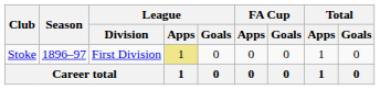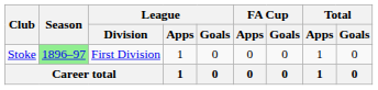 <table class="wikitable" style="text-align: center;">
 <tr>
 <th rowspan="2">Club</th>
 <th rowspan="2">Season</th>
 <th colspan="3">League</th>
 <th colspan="2">FA Cup</th>
 <th colspan="2">Total</th>
 </tr>
 <tr>
 <th>Division</th>
 <th>Apps</th>
 <th>Goals</th>
 <th>Apps</th>
 <th>Goals</th>
 <th>Apps</th>
 <th>Goals</th>
 </tr>
 <tr>
 <td><a href='#'>Stoke</a></td>
-<td><a href='#'>1896–97</a></td>
+<td style="background: lightgreen;"><a href='#'>1896–97</a></td>
 <td><a href='#'>First Division</a></td>
-<td style="background: khaki;">1</td>
+<td>1</td>
 <td>0</td>
 <td>0</td>
 <td>0</td>
 <td>1</td>
 <td>0</td>
 </tr>
 <tr>
 <th colspan="3">Career total</th>
 <th>1</th>
 <th>0</th>
 <th>0</th>
 <th>0</th>
 <th>1</th>
 <th>0</th>
 </tr>
 </table>
